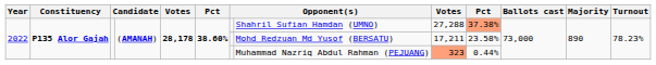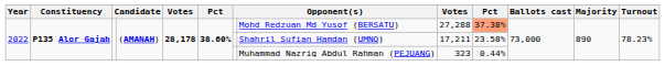 <table class="wikitable" style="margin:0.5em ; font-size:95%">
 <tr>
 <th>Year</th>
 <th>Constituency</th>
 <th colspan=2>Candidate</th>
 <th>Votes</th>
 <th>Pct</th>
 <th colspan=2>Opponent(s)</th>
 <th>Votes</th>
 <th>Pct</th>
 <th>Ballots cast</th>
 <th>Majority</th>
 <th>Turnout</th>
 </tr>
 <tr>
 <td rowspan="3"><a href='#'>2022</a></td>
 <td rowspan="3"><strong>P135 <a href='#'>Alor Gajah</a></strong></td>
 <td rowspan="3" ></td>
 <td rowspan="3"><strong></strong> (<a href='#'><strong>AMANAH</strong></a>)</td>
 <td rowspan="3" align="right"><strong>28,178</strong></td>
 <td rowspan="3"><strong>38.60%</strong></td>
 <td></td>
-<td><a href='#'>Shahril Sufian Hamdan</a> (<a href='#'>UMNO</a>)</td>
+<td><a href='#'>Mohd Redzuan Md Yusof</a> (<a href='#'>BERSATU</a>)</td>
 <td align="right">27,288</td>
 <td style="background: lightsalmon;">37.38%</td>
 <td rowspan="3">73,000</td>
 <td rowspan="3">890</td>
 <td rowspan="3">78.23%</td>
 </tr>
 <tr>
 <td bgcolor=></td>
-<td><a href='#'>Mohd Redzuan Md Yusof</a> (<a href='#'>BERSATU</a>)</td>
+<td><a href='#'>Shahril Sufian Hamdan</a> (<a href='#'>UMNO</a>)</td>
 <td align="right">17,211</td>
 <td>23.58%</td>
 </tr>
 <tr>
 <td bgcolor=></td>
 <td>Muhammad Nazriq Abdul Rahman (<a href='#'>PEJUANG</a>)</td>
-<td align="right" style="background: lightsalmon;">323</td>
+<td align="right">323</td>
 <td align=right>0.44%</td>
 </tr>
 </table>
